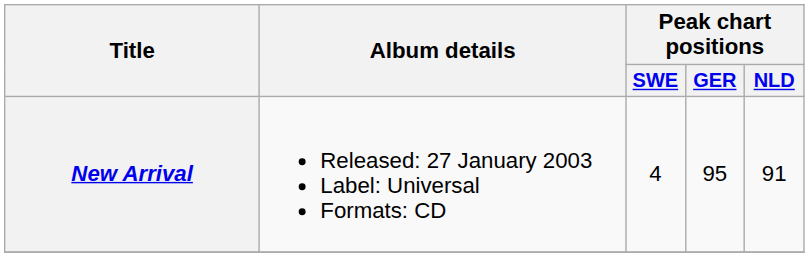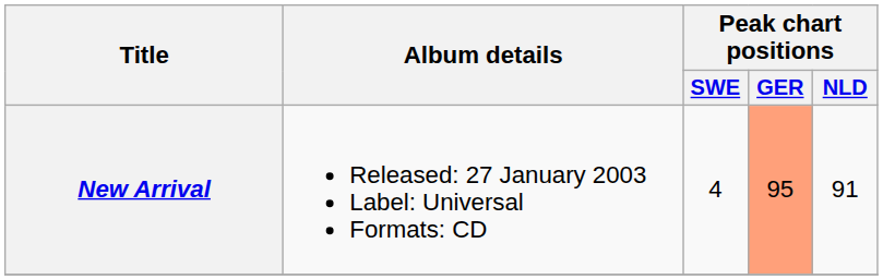 <table class="wikitable plainrowheaders" style="text-align:center;">
 <tr>
 <th scope="col" rowspan="2" style="width:11em;">Title</th>
 <th scope="col" rowspan="2" style="width:16em;">Album details</th>
 <th scope="col" colspan="3">Peak chart positions</th>
 </tr>
 <tr>
 <th scope="col" style="width:2.5em;font-size:90%;"><a href='#'>SWE</a><br></th>
 <th scope="col" style="width:2.5em;font-size:90%;"><a href='#'>GER</a><br></th>
 <th scope="col" style="width:2.5em;font-size:90%;"><a href='#'>NLD</a><br></th>
 </tr>
 <tr>
 <th scope="row"><em><a href='#'>New Arrival</a></em></th>
 <td align="left"><br><ul><li>Released: 27 January 2003</li><li>Label: Universal</li><li>Formats: CD</li></ul></td>
 <td>4</td>
-<td>95</td>
+<td style="background: lightsalmon;">95</td>
 <td>91</td>
 </tr>
 <tr>
 </tr>
 </table>
